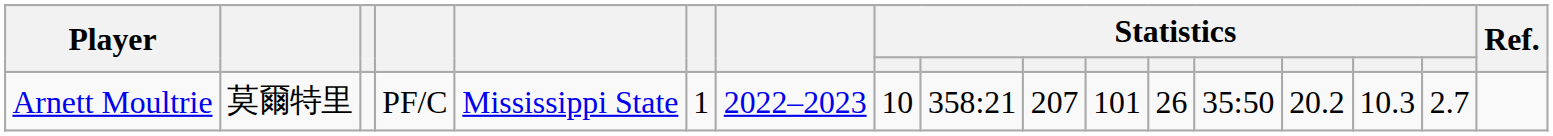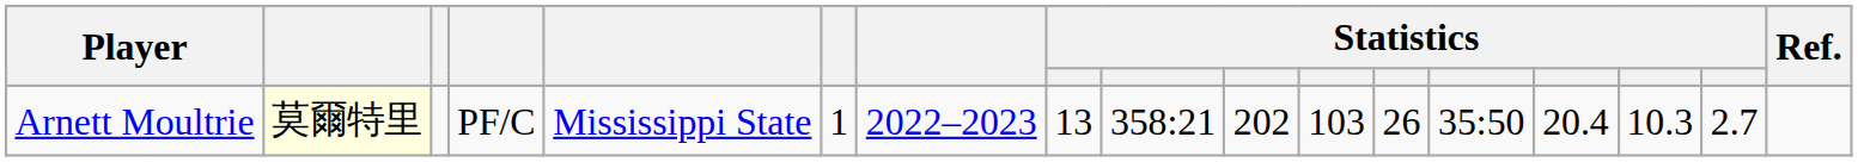 <table class="wikitable sortable" style="font-size:95%; text-align:right;">
 <tr>
 <th rowspan="2">Player</th>
 <th rowspan="2"></th>
 <th rowspan="2"></th>
 <th rowspan="2"></th>
 <th rowspan="2"></th>
 <th rowspan="2"></th>
 <th rowspan="2"></th>
 <th colspan="9">Statistics</th>
 <th rowspan="2">Ref.</th>
 </tr>
 <tr>
 <th></th>
 <th></th>
 <th></th>
 <th></th>
 <th></th>
 <th></th>
 <th></th>
 <th></th>
 <th></th>
 </tr>
 <tr>
 <td align="left"><a href='#'>Arnett Moultrie</a></td>
-<td align="left">莫爾特里</td>
+<td align="left" style="background: lightyellow;">莫爾特里</td>
 <td align="center"></td>
 <td align="center">PF/C</td>
 <td align="left"><a href='#'>Mississippi State</a></td>
 <td align="center">1</td>
 <td align="center"><a href='#'>2022–2023</a></td>
-<td>10</td>
+<td>13</td>
 <td>358:21</td>
-<td>207</td>
-<td>101</td>
+<td>202</td>
+<td>103</td>
 <td>26</td>
 <td>35:50</td>
-<td>20.2</td>
+<td>20.4</td>
 <td>10.3</td>
 <td>2.7</td>
 <td align="center"></td>
 </tr>
 </table>
